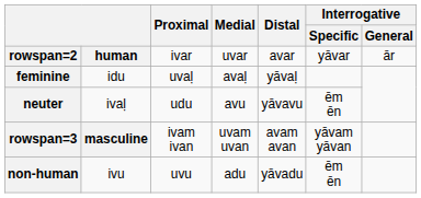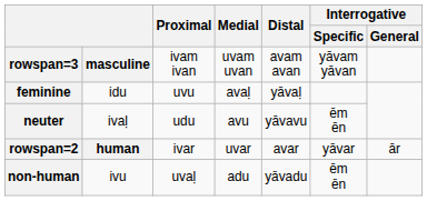 <table class="wikitable" style=text-align:center>
 <tr>
 <th colspan=2 rowspan=2></th>
 <th rowspan=2>Proximal</th>
 <th rowspan=2>Medial</th>
 <th rowspan=2>Distal</th>
 <th colspan=2>Interrogative</th>
 </tr>
 <tr>
 <th>Specific</th>
 <th>General</th>
 </tr>
 <tr>
-<th>rowspan=2 </th>
-<th>human</th>
-<td>ivar</td>
-<td>uvar</td>
-<td>avar</td>
-<td>yāvar</td>
-<td>ār</td>
+<th>rowspan=3 </th>
+<th>masculine</th>
+<td>ivam<br>ivan</td>
+<td>uvam<br>uvan</td>
+<td>avam<br>avan</td>
+<td>yāvam<br>yāvan</td>
+<td></td>
 </tr>
 <tr>
 <th>feminine</th>
 <td>idu</td>
-<td>uvaḷ</td>
+<td>uvu</td>
 <td>avaḷ</td>
 <td>yāvaḷ</td>
 <td></td>
 </tr>
 <tr>
 <th>neuter</th>
 <td>ivaḷ</td>
 <td>udu</td>
 <td>avu</td>
 <td>yāvavu</td>
 <td>ēm<br>ēn</td>
 </tr>
 <tr>
-<th>rowspan=3 </th>
-<th>masculine</th>
-<td>ivam<br>ivan</td>
-<td>uvam<br>uvan</td>
-<td>avam<br>avan</td>
-<td>yāvam<br>yāvan</td>
-<td></td>
+<th>rowspan=2 </th>
+<th>human</th>
+<td>ivar</td>
+<td>uvar</td>
+<td>avar</td>
+<td>yāvar</td>
+<td>ār</td>
 </tr>
 <tr>
 <th>non-human</th>
 <td>ivu</td>
-<td>uvu</td>
+<td>uvaḷ</td>
 <td>adu</td>
 <td>yāvadu</td>
 <td>ēm<br>ēn</td>
 </tr>
 </table>
